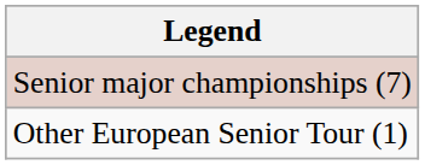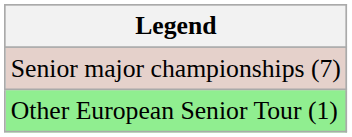 <table class="wikitable" style="font-size:95%;">
 <tr>
 <th>Legend</th>
 </tr>
 <tr style="background:#e5d1cb;">
 <td>Senior major championships (7)</td>
 </tr>
 <tr>
-<td>Other European Senior Tour (1)</td>
+<td style="background: lightgreen;">Other European Senior Tour (1)</td>
 </tr>
 </table>
